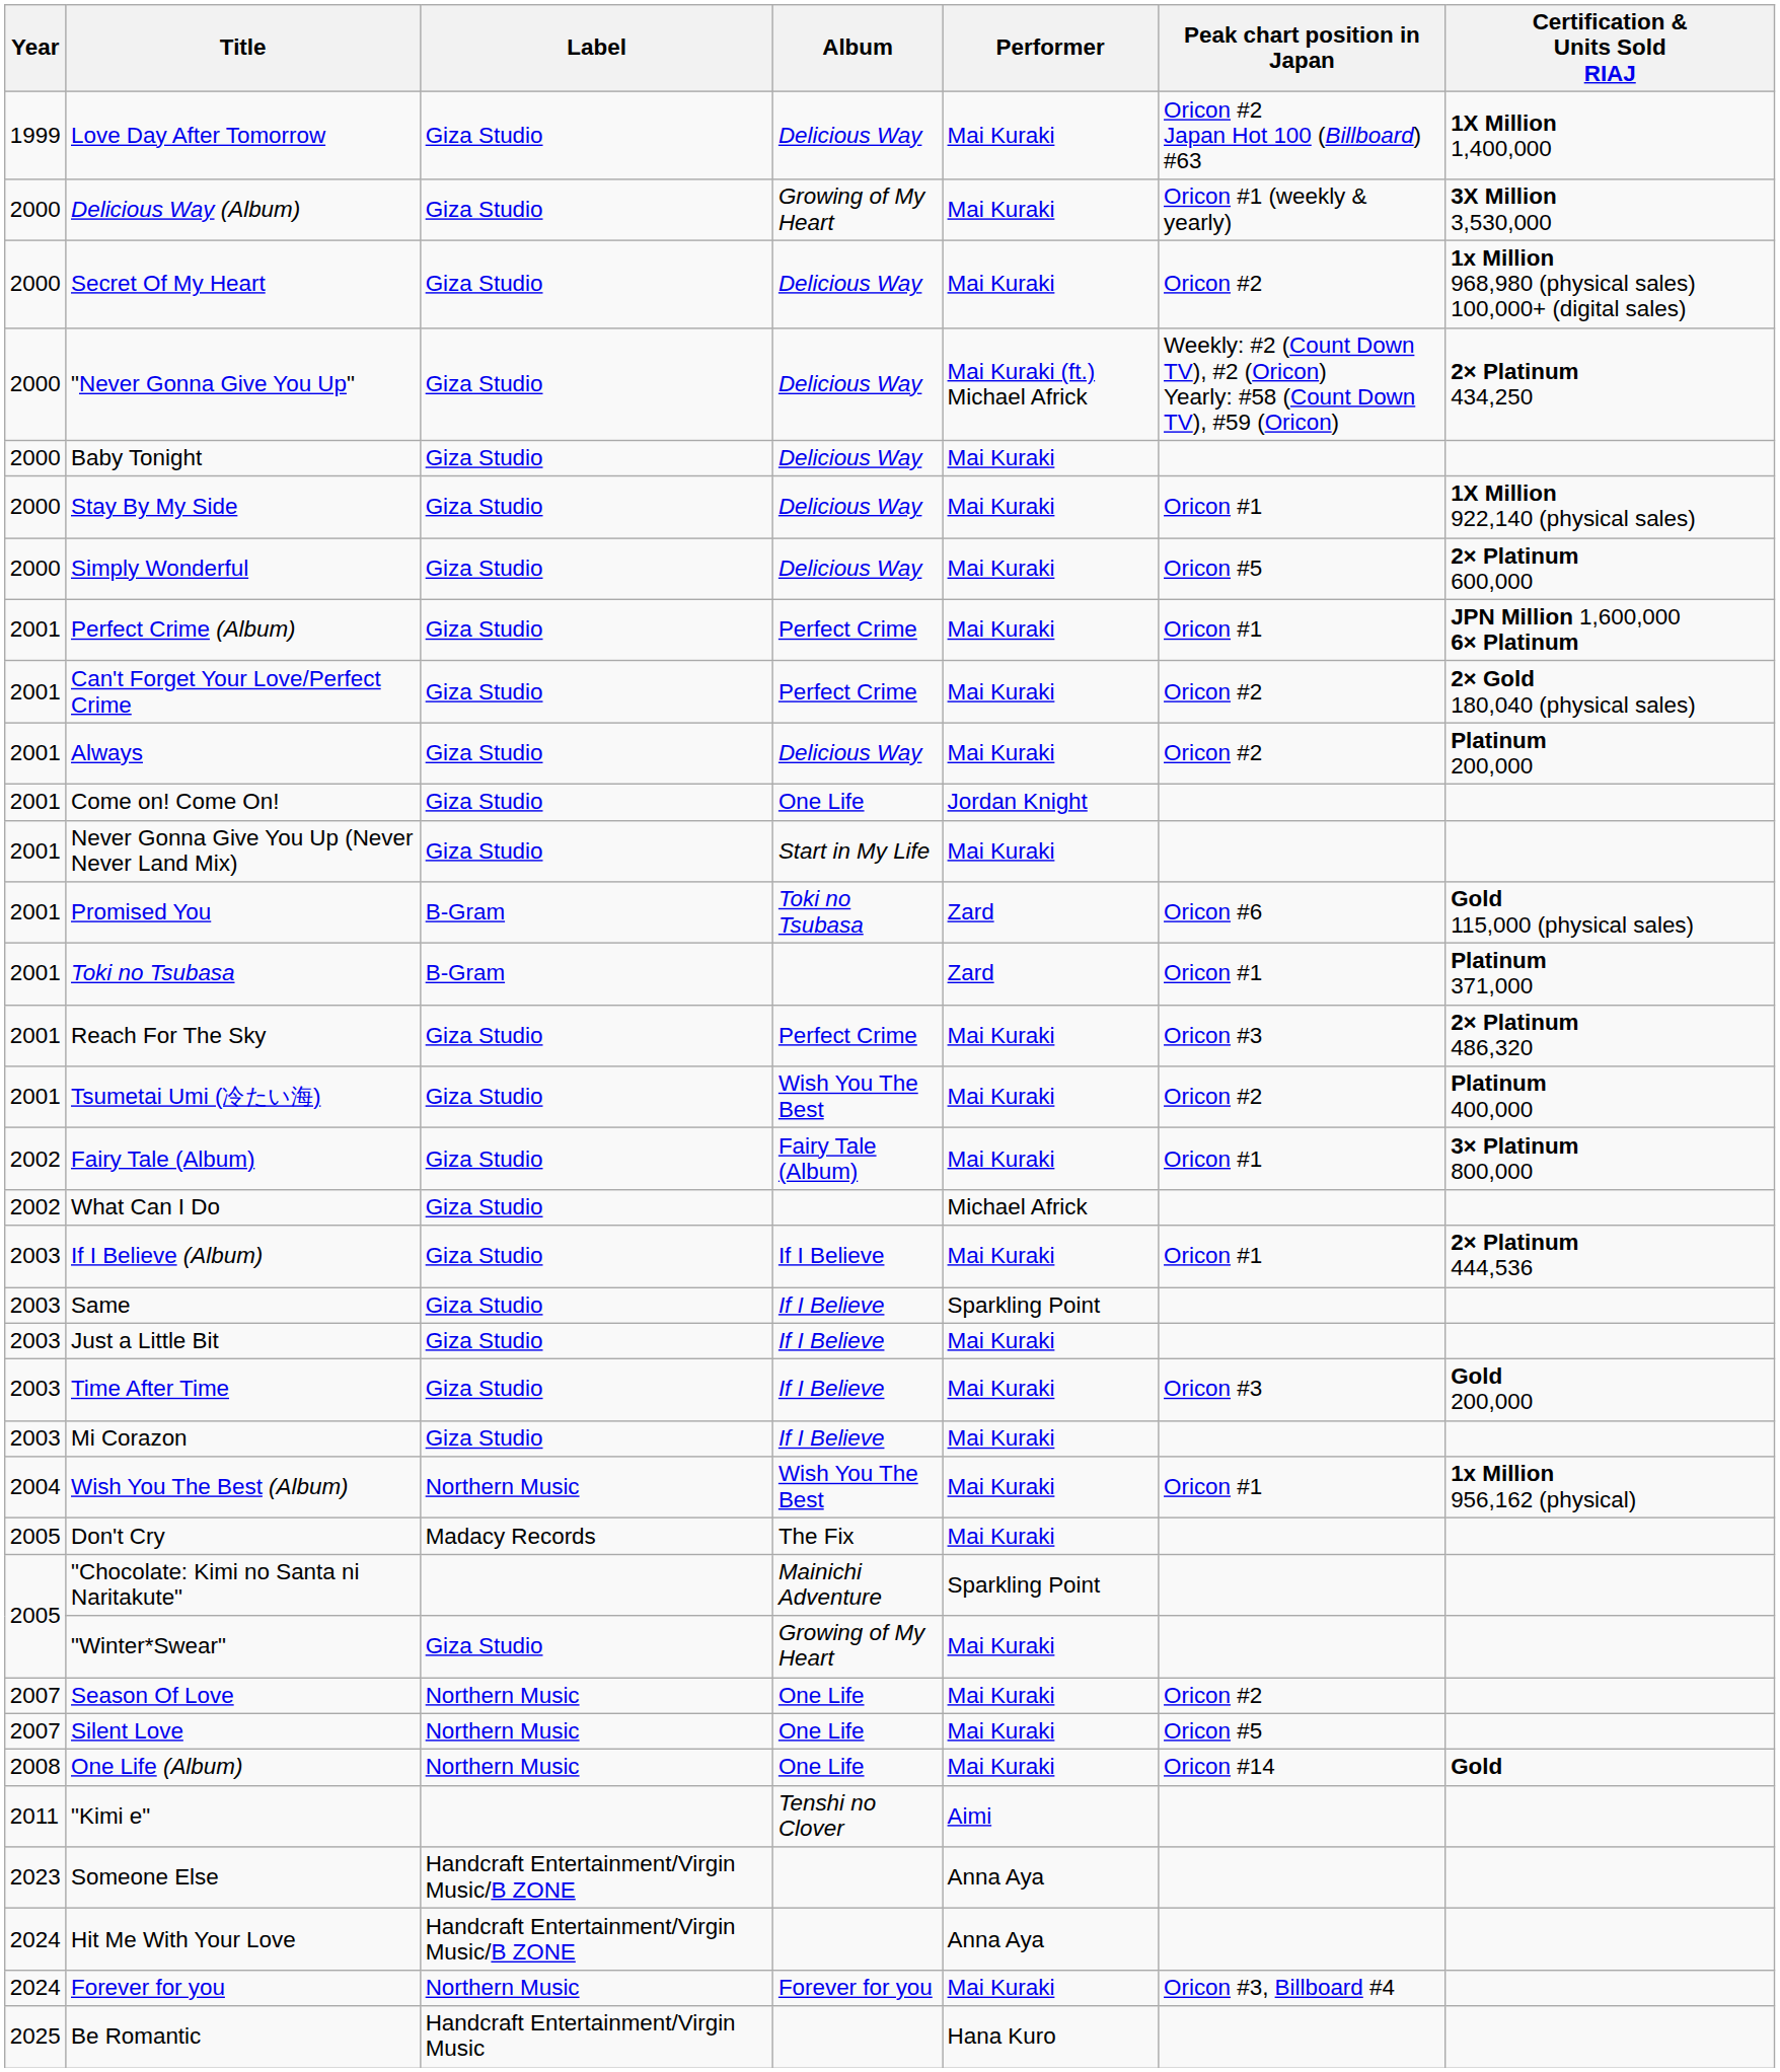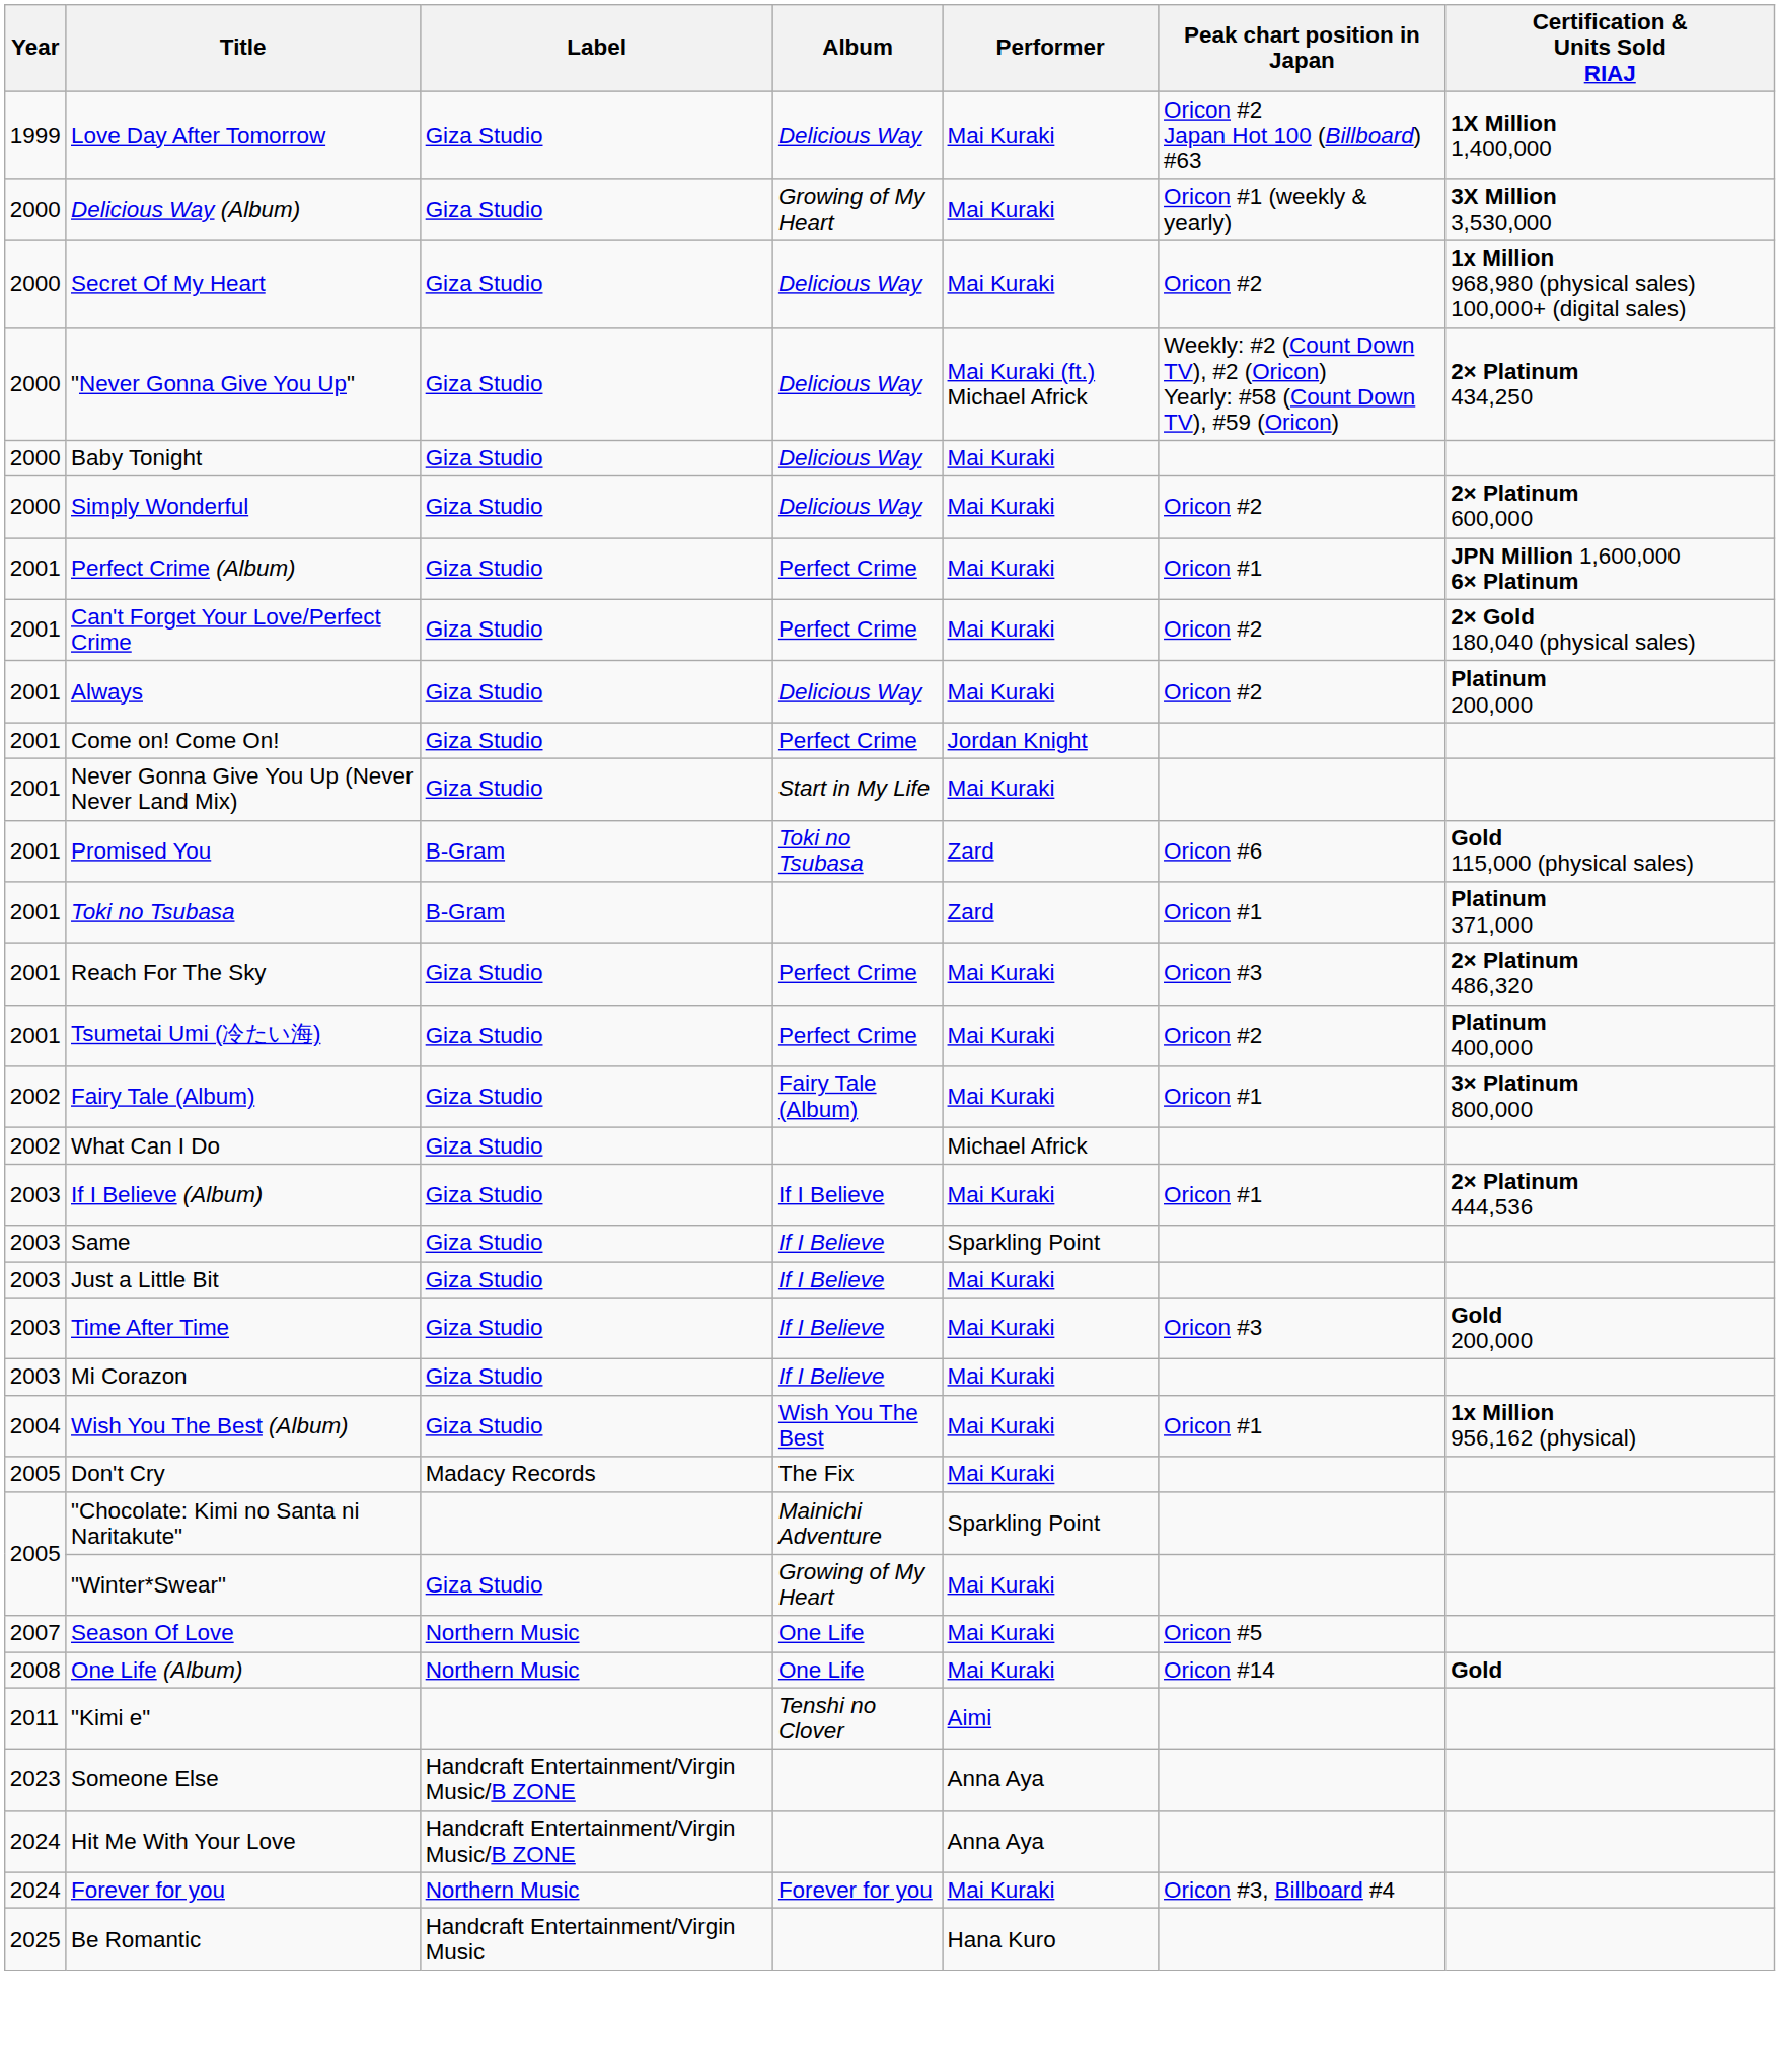 <table class="wikitable">
 <tr>
 <th align="left">Year</th>
 <th align="left">Title</th>
 <th align="left">Label</th>
 <th align="left">Album</th>
 <th align="left">Performer</th>
 <th align="left">Peak chart position in Japan</th>
 <th>Certification &<br>Units Sold<br><a href='#'>RIAJ</a></th>
 </tr>
 <tr>
 <td>1999</td>
 <td><a href='#'>Love Day After Tomorrow</a></td>
 <td><a href='#'>Giza Studio</a></td>
 <td><em><a href='#'>Delicious Way</a></em></td>
 <td><a href='#'>Mai Kuraki</a></td>
 <td><a href='#'>Oricon</a> #2<br><a href='#'>Japan Hot 100</a> (<em><a href='#'>Billboard</a></em>) #63</td>
 <td><strong>1X Million</strong><br>1,400,000</td>
 </tr>
 <tr>
 <td>2000</td>
 <td><em><a href='#'>Delicious Way</a> (Album)</em></td>
 <td><a href='#'>Giza Studio</a></td>
 <td><em>Growing of My Heart</em></td>
 <td><a href='#'>Mai Kuraki</a></td>
 <td><a href='#'>Oricon</a> #1 (weekly & yearly)</td>
 <td><strong>3X Million</strong><br>3,530,000</td>
 </tr>
 <tr>
 <td>2000</td>
 <td><a href='#'>Secret Of My Heart</a></td>
 <td><a href='#'>Giza Studio</a></td>
 <td><em><a href='#'>Delicious Way</a></em></td>
 <td><a href='#'>Mai Kuraki</a></td>
 <td><a href='#'>Oricon</a> #2</td>
 <td><strong>1x Million</strong><br>968,980 (physical sales) 100,000+ (digital sales)</td>
 </tr>
 <tr>
 <td>2000</td>
 <td>"<a href='#'>Never Gonna Give You Up</a>"</td>
 <td><a href='#'>Giza Studio</a></td>
 <td><em><a href='#'>Delicious Way</a></em></td>
 <td><a href='#'>Mai Kuraki (ft.)</a> Michael Africk</td>
 <td>Weekly: #2 (<a href='#'>Count Down TV</a>), #2 (<a href='#'>Oricon</a>)<br>Yearly: #58 (<a href='#'>Count Down TV</a>), #59 (<a href='#'>Oricon</a>)</td>
 <td><strong>2× Platinum</strong><br>434,250</td>
 </tr>
 <tr>
 <td>2000</td>
 <td>Baby Tonight</td>
 <td><a href='#'>Giza Studio</a></td>
 <td><em><a href='#'>Delicious Way</a></em></td>
 <td><a href='#'>Mai Kuraki</a></td>
 <td></td>
 <td></td>
 </tr>
 <tr>
 <td>2000</td>
-<td><a href='#'>Stay By My Side</a></td>
-<td><a href='#'>Giza Studio</a></td>
-<td><em><a href='#'>Delicious Way</a></em></td>
-<td><a href='#'>Mai Kuraki</a></td>
-<td><a href='#'>Oricon</a> #1</td>
-<td><strong>1X Million</strong><br>922,140 (physical sales)</td>
-</tr>
-<tr>
-<td>2000</td>
 <td><a href='#'>Simply Wonderful</a></td>
 <td><a href='#'>Giza Studio</a></td>
 <td><em><a href='#'>Delicious Way</a></em></td>
 <td><a href='#'>Mai Kuraki</a></td>
-<td><a href='#'>Oricon</a> #5</td>
+<td><a href='#'>Oricon</a> #2</td>
 <td><strong>2× Platinum</strong><br>600,000</td>
 </tr>
 <tr>
 <td>2001</td>
 <td><a href='#'>Perfect Crime</a> <em>(Album)</em></td>
 <td><a href='#'>Giza Studio</a></td>
 <td><a href='#'>Perfect Crime</a></td>
 <td><a href='#'>Mai Kuraki</a></td>
 <td><a href='#'>Oricon</a> #1</td>
 <td><strong>JPN Million</strong> 1,600,000<br><strong>6× Platinum</strong></td>
 </tr>
 <tr>
 <td>2001</td>
 <td><a href='#'>Can't Forget Your Love/Perfect Crime</a></td>
 <td><a href='#'>Giza Studio</a></td>
 <td><a href='#'>Perfect Crime</a></td>
 <td><a href='#'>Mai Kuraki</a></td>
 <td><a href='#'>Oricon</a> #2</td>
 <td><strong>2× Gold</strong><br>180,040 (physical sales)</td>
 </tr>
 <tr>
 <td>2001</td>
 <td><a href='#'>Always</a></td>
 <td><a href='#'>Giza Studio</a></td>
 <td><em><a href='#'>Delicious Way</a></em></td>
 <td><a href='#'>Mai Kuraki</a></td>
 <td><a href='#'>Oricon</a> #2</td>
 <td><strong>Platinum</strong><br>200,000</td>
 </tr>
 <tr>
 <td>2001</td>
 <td>Come on! Come On!</td>
 <td><a href='#'>Giza Studio</a></td>
-<td><a href='#'>One Life</a></td>
+<td><a href='#'>Perfect Crime</a></td>
 <td><a href='#'>Jordan Knight</a></td>
 <td></td>
 <td></td>
 </tr>
 <tr>
 <td>2001</td>
 <td>Never Gonna Give You Up (Never Never Land Mix)</td>
 <td><a href='#'>Giza Studio</a></td>
 <td><em>Start in My Life</em></td>
 <td><a href='#'>Mai Kuraki</a></td>
 <td></td>
 <td></td>
 </tr>
 <tr>
 <td>2001</td>
 <td><a href='#'>Promised You</a></td>
 <td><a href='#'>B-Gram</a></td>
 <td><em><a href='#'>Toki no Tsubasa</a></em></td>
 <td><a href='#'>Zard</a></td>
 <td><a href='#'>Oricon</a> #6</td>
 <td><strong>Gold</strong><br>115,000 (physical sales)</td>
 </tr>
 <tr>
 <td>2001</td>
 <td><em><a href='#'>Toki no Tsubasa</a></em></td>
 <td><a href='#'>B-Gram</a></td>
 <td></td>
 <td><a href='#'>Zard</a></td>
 <td><a href='#'>Oricon</a> #1</td>
 <td><strong>Platinum</strong><br>371,000</td>
 </tr>
 <tr>
 <td>2001</td>
 <td>Reach For The Sky</td>
 <td><a href='#'>Giza Studio</a></td>
 <td><a href='#'>Perfect Crime</a></td>
 <td><a href='#'>Mai Kuraki</a></td>
 <td><a href='#'>Oricon</a> #3</td>
 <td><strong>2× Platinum</strong><br>486,320</td>
 </tr>
 <tr>
 <td>2001</td>
 <td><a href='#'>Tsumetai Umi (冷たい海)</a></td>
 <td><a href='#'>Giza Studio</a></td>
-<td><a href='#'>Wish You The Best</a></td>
+<td><a href='#'>Perfect Crime</a></td>
 <td><a href='#'>Mai Kuraki</a></td>
 <td><a href='#'>Oricon</a> #2</td>
 <td><strong>Platinum</strong><br>400,000</td>
 </tr>
 <tr>
 <td>2002</td>
 <td><a href='#'>Fairy Tale (Album)</a></td>
 <td><a href='#'>Giza Studio</a></td>
 <td><a href='#'>Fairy Tale (Album)</a></td>
 <td><a href='#'>Mai Kuraki</a></td>
 <td><a href='#'>Oricon</a> #1</td>
 <td><strong>3× Platinum</strong><br>800,000</td>
 </tr>
 <tr>
 <td>2002</td>
 <td>What Can I Do</td>
 <td><a href='#'>Giza Studio</a></td>
 <td></td>
 <td>Michael Africk</td>
 <td></td>
 <td></td>
 </tr>
 <tr>
 <td>2003</td>
 <td><a href='#'>If I Believe</a> <em>(Album)</em></td>
 <td><a href='#'>Giza Studio</a></td>
 <td><a href='#'>If I Believe</a></td>
 <td><a href='#'>Mai Kuraki</a></td>
 <td><a href='#'>Oricon</a> #1</td>
 <td><strong>2× Platinum</strong><br>444,536</td>
 </tr>
 <tr>
 <td>2003</td>
 <td>Same</td>
 <td><a href='#'>Giza Studio</a></td>
 <td><em><a href='#'>If I Believe</a></em></td>
 <td>Sparkling Point</td>
 <td></td>
 <td></td>
 </tr>
 <tr>
 <td>2003</td>
 <td>Just a Little Bit</td>
 <td><a href='#'>Giza Studio</a></td>
 <td><em><a href='#'>If I Believe</a></em></td>
 <td><a href='#'>Mai Kuraki</a></td>
 <td></td>
 <td></td>
 </tr>
 <tr>
 <td>2003</td>
 <td><a href='#'>Time After Time</a></td>
 <td><a href='#'>Giza Studio</a></td>
 <td><em><a href='#'>If I Believe</a></em></td>
 <td><a href='#'>Mai Kuraki</a></td>
 <td><a href='#'>Oricon</a> #3</td>
 <td><strong>Gold</strong><br>200,000</td>
 </tr>
 <tr>
 <td>2003</td>
 <td>Mi Corazon</td>
 <td><a href='#'>Giza Studio</a></td>
 <td><em><a href='#'>If I Believe</a></em></td>
 <td><a href='#'>Mai Kuraki</a></td>
 <td></td>
 <td></td>
 </tr>
 <tr>
 <td>2004</td>
 <td><a href='#'>Wish You The Best</a> <em>(Album)</em></td>
-<td><a href='#'>Northern Music</a></td>
+<td><a href='#'>Giza Studio</a></td>
 <td><a href='#'>Wish You The Best</a></td>
 <td><a href='#'>Mai Kuraki</a></td>
 <td><a href='#'>Oricon</a> #1</td>
 <td><strong>1x Million</strong><br>956,162 (physical)</td>
 </tr>
 <tr>
 <td>2005</td>
 <td>Don't Cry</td>
 <td>Madacy Records</td>
 <td>The Fix</td>
 <td><a href='#'>Mai Kuraki</a></td>
 <td></td>
 <td></td>
 </tr>
 <tr>
 <td rowspan="2">2005</td>
 <td>"Chocolate: Kimi no Santa ni Naritakute"</td>
 <td></td>
 <td><em>Mainichi Adventure</em></td>
 <td>Sparkling Point</td>
 <td></td>
 <td></td>
 </tr>
 <tr>
 <td>"Winter*Swear"</td>
 <td><a href='#'>Giza Studio</a></td>
 <td><em>Growing of My Heart</em></td>
 <td><a href='#'>Mai Kuraki</a></td>
 <td></td>
 <td></td>
 </tr>
 <tr>
 <td>2007</td>
 <td><a href='#'>Season Of Love</a></td>
-<td><a href='#'>Northern Music</a></td>
-<td><a href='#'>One Life</a></td>
-<td><a href='#'>Mai Kuraki</a></td>
-<td><a href='#'>Oricon</a> #2</td>
-<td></td>
-</tr>
-<tr>
-<td>2007</td>
-<td><a href='#'>Silent Love</a></td>
 <td><a href='#'>Northern Music</a></td>
 <td><a href='#'>One Life</a></td>
 <td><a href='#'>Mai Kuraki</a></td>
 <td><a href='#'>Oricon</a> #5</td>
 <td></td>
 </tr>
 <tr>
 <td>2008</td>
 <td><a href='#'>One Life</a> <em>(Album)</em></td>
 <td><a href='#'>Northern Music</a></td>
 <td><a href='#'>One Life</a></td>
 <td><a href='#'>Mai Kuraki</a></td>
 <td><a href='#'>Oricon</a> #14</td>
 <td><strong>Gold</strong></td>
 </tr>
 <tr>
 <td>2011</td>
 <td>"Kimi e"</td>
 <td></td>
 <td><em>Tenshi no Clover</em></td>
 <td><a href='#'>Aimi</a></td>
 <td></td>
 <td></td>
 </tr>
 <tr>
 <td>2023</td>
 <td>Someone Else</td>
 <td>Handcraft Entertainment/Virgin Music/<a href='#'>B ZONE</a></td>
 <td></td>
 <td>Anna Aya</td>
 <td></td>
 <td></td>
 </tr>
 <tr>
 <td>2024</td>
 <td>Hit Me With Your Love</td>
 <td>Handcraft Entertainment/Virgin Music/<a href='#'>B ZONE</a></td>
 <td></td>
 <td>Anna Aya</td>
 <td></td>
 <td></td>
 </tr>
 <tr>
 <td>2024</td>
 <td><a href='#'>Forever for you</a></td>
 <td><a href='#'>Northern Music</a></td>
 <td><a href='#'>Forever for you</a></td>
 <td><a href='#'>Mai Kuraki</a></td>
 <td><a href='#'>Oricon</a> #3, <a href='#'>Billboard</a> #4</td>
 <td></td>
 </tr>
 <tr>
 <td>2025</td>
 <td>Be Romantic</td>
 <td>Handcraft Entertainment/Virgin Music</td>
 <td></td>
 <td>Hana Kuro</td>
 <td></td>
 <td></td>
 </tr>
 </table>
